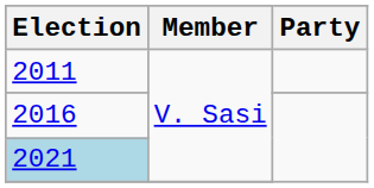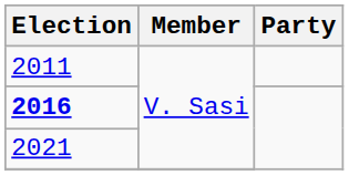 <table class="wikitable sortable">
 <tr>
 <th>Election</th>
 <th>Member</th>
 <th colspan="2">Party</th>
 </tr>
 <tr>
 <td><a href='#'>2011</a></td>
 <td rowspan="3"><a href='#'>V. Sasi</a></td>
 <td></td>
 </tr>
 <tr>
-<td><a href='#'>2016</a></td>
+<td><strong><a href='#'>2016</a></strong></td>
 </tr>
 <tr>
-<td style="background: lightblue;"><a href='#'>2021</a></td>
+<td><a href='#'>2021</a></td>
 </tr>
 <tr>
 </tr>
 </table>
